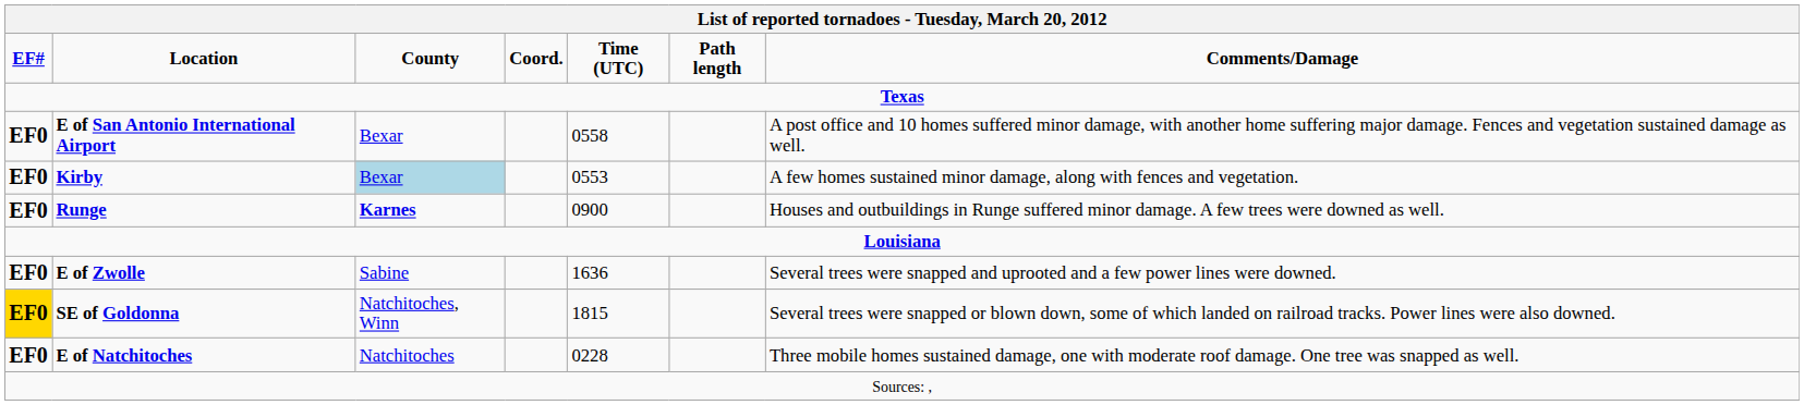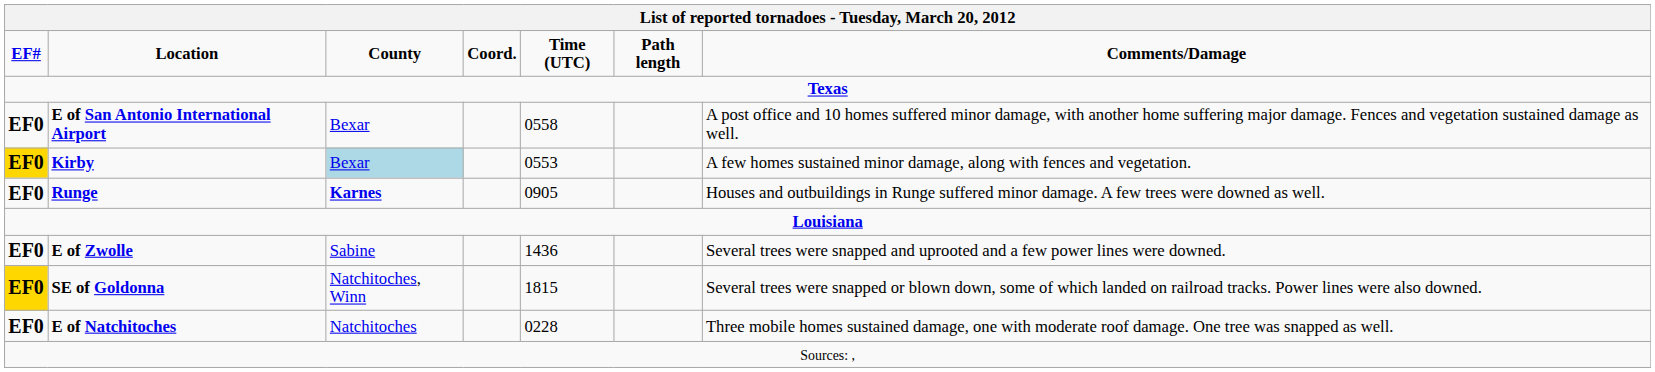 <table class="wikitable collapsible" width="100%">
 <tr>
 <th colspan="7">List of reported tornadoes - Tuesday, March 20, 2012</th>
 </tr>
 <tr style="text-align:center;">
 <td><strong><a href='#'>EF#</a></strong></td>
 <td><strong>Location</strong></td>
 <td><strong>County</strong></td>
 <td><strong>Coord.</strong></td>
 <td><strong>Time (UTC)</strong></td>
 <td><strong>Path length</strong></td>
 <td><strong>Comments/Damage</strong></td>
 </tr>
 <tr>
 <td colspan="7" align=center><strong><a href='#'>Texas</a></strong></td>
 </tr>
 <tr>
 <td><big><strong>EF0</strong></big></td>
 <td><strong>E of <a href='#'>San Antonio International Airport</a></strong></td>
 <td><a href='#'>Bexar</a></td>
 <td></td>
 <td>0558</td>
 <td></td>
 <td>A post office and 10 homes suffered minor damage, with another home suffering major damage. Fences and vegetation sustained damage as well.</td>
 </tr>
 <tr>
-<td><big><strong>EF0</strong></big></td>
+<td style="background: gold;"><big><strong>EF0</strong></big></td>
 <td><strong><a href='#'>Kirby</a></strong></td>
 <td style="background: lightblue;"><a href='#'>Bexar</a></td>
 <td></td>
 <td>0553</td>
 <td></td>
 <td>A few homes sustained minor damage, along with fences and vegetation.</td>
 </tr>
 <tr>
 <td><big><strong>EF0</strong></big></td>
 <td><strong><a href='#'>Runge</a></strong></td>
 <td><strong><a href='#'>Karnes</a></strong></td>
 <td></td>
-<td>0900</td>
+<td>0905</td>
 <td></td>
 <td>Houses and outbuildings in Runge suffered minor damage. A few trees were downed as well.</td>
 </tr>
 <tr>
 <td colspan="7" align=center><strong><a href='#'>Louisiana</a></strong></td>
 </tr>
 <tr>
 <td><big><strong>EF0</strong></big></td>
 <td><strong>E of <a href='#'>Zwolle</a></strong></td>
 <td><a href='#'>Sabine</a></td>
 <td></td>
-<td>1636</td>
+<td>1436</td>
 <td></td>
 <td>Several trees were snapped and uprooted and a few power lines were downed.</td>
 </tr>
 <tr>
 <td style="background: gold;"><big><strong>EF0</strong></big></td>
 <td><strong>SE of <a href='#'>Goldonna</a></strong></td>
 <td><a href='#'>Natchitoches</a>, <a href='#'>Winn</a></td>
 <td></td>
 <td>1815</td>
 <td></td>
 <td>Several trees were snapped or blown down, some of which landed on railroad tracks. Power lines were also downed.</td>
 </tr>
 <tr>
 <td><big><strong>EF0</strong></big></td>
 <td><strong>E of <a href='#'>Natchitoches</a></strong></td>
 <td><a href='#'>Natchitoches</a></td>
 <td></td>
 <td>0228</td>
 <td></td>
 <td>Three mobile homes sustained damage, one with moderate roof damage. One tree was snapped as well.</td>
 </tr>
 <tr>
 <td colspan="7" align=center><small>Sources: , </small></td>
 </tr>
 </table>
